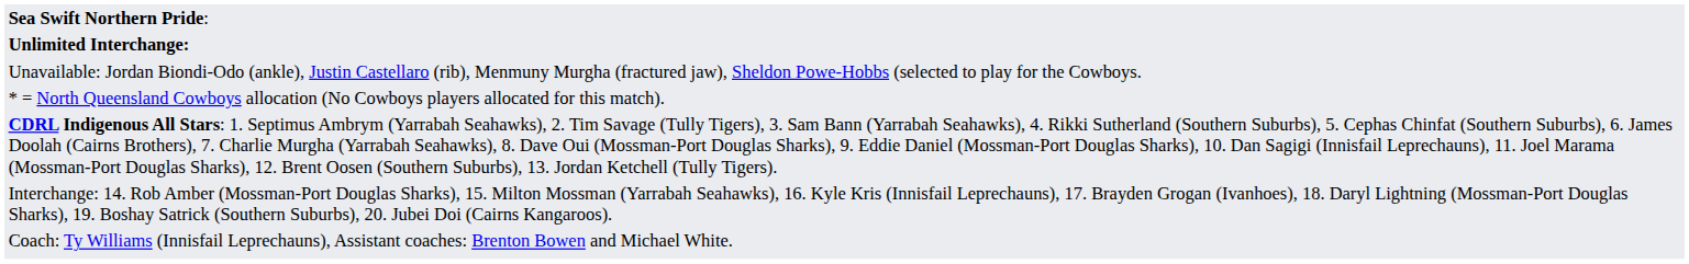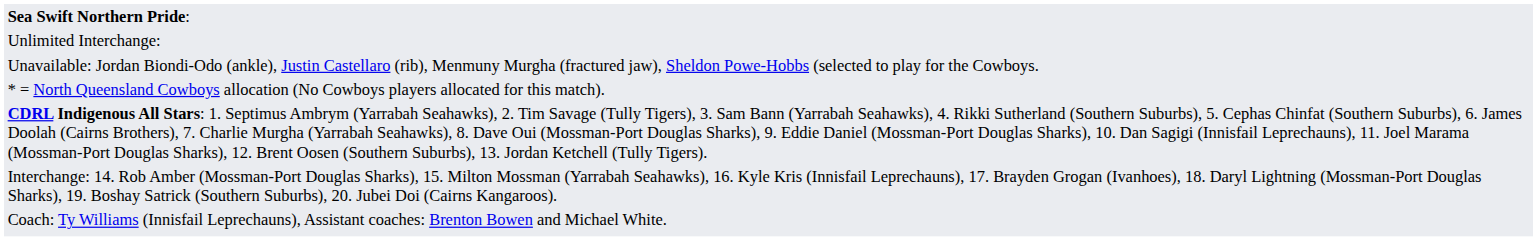 <table style="background:#eaecf0; font-size:85%; width:100%;">
 <tr>
 <td><strong>Sea Swift Northern Pride</strong>:             </td>
 </tr>
 <tr>
-<td><strong>Unlimited Interchange:       </strong></td>
+<td>Unlimited Interchange:       </td>
 </tr>
 <tr>
 <td>Unavailable: Jordan Biondi-Odo (ankle), <a href='#'>Justin Castellaro</a> (rib), Menmuny Murgha (fractured jaw), <a href='#'>Sheldon Powe-Hobbs</a> (selected to play for the Cowboys.</td>
 </tr>
 <tr>
 <td>* = <a href='#'>North Queensland Cowboys</a> allocation (No Cowboys players allocated for this match).</td>
 </tr>
 <tr>
 <td><strong><a href='#'>CDRL</a> Indigenous All Stars</strong>: 1. Septimus Ambrym (Yarrabah Seahawks), 2. Tim Savage (Tully Tigers), 3. Sam Bann (Yarrabah Seahawks), 4. Rikki Sutherland (Southern Suburbs), 5. Cephas Chinfat (Southern Suburbs), 6. James Doolah (Cairns Brothers), 7. Charlie Murgha (Yarrabah Seahawks), 8. Dave Oui (Mossman-Port Douglas Sharks), 9. Eddie Daniel (Mossman-Port Douglas Sharks), 10. Dan Sagigi (Innisfail Leprechauns), 11. Joel Marama (Mossman-Port Douglas Sharks), 12. Brent Oosen (Southern Suburbs), 13. Jordan Ketchell (Tully Tigers).</td>
 </tr>
 <tr>
 <td>Interchange: 14. Rob Amber (Mossman-Port Douglas Sharks), 15. Milton Mossman (Yarrabah Seahawks), 16. Kyle Kris (Innisfail Leprechauns), 17. Brayden Grogan (Ivanhoes), 18. Daryl Lightning (Mossman-Port Douglas Sharks), 19. Boshay Satrick (Southern Suburbs), 20. Jubei Doi (Cairns Kangaroos).</td>
 </tr>
 <tr>
 <td>Coach: <a href='#'>Ty Williams</a> (Innisfail Leprechauns), Assistant coaches: <a href='#'>Brenton Bowen</a> and Michael White.</td>
 </tr>
 <tr>
 </tr>
 </table>
